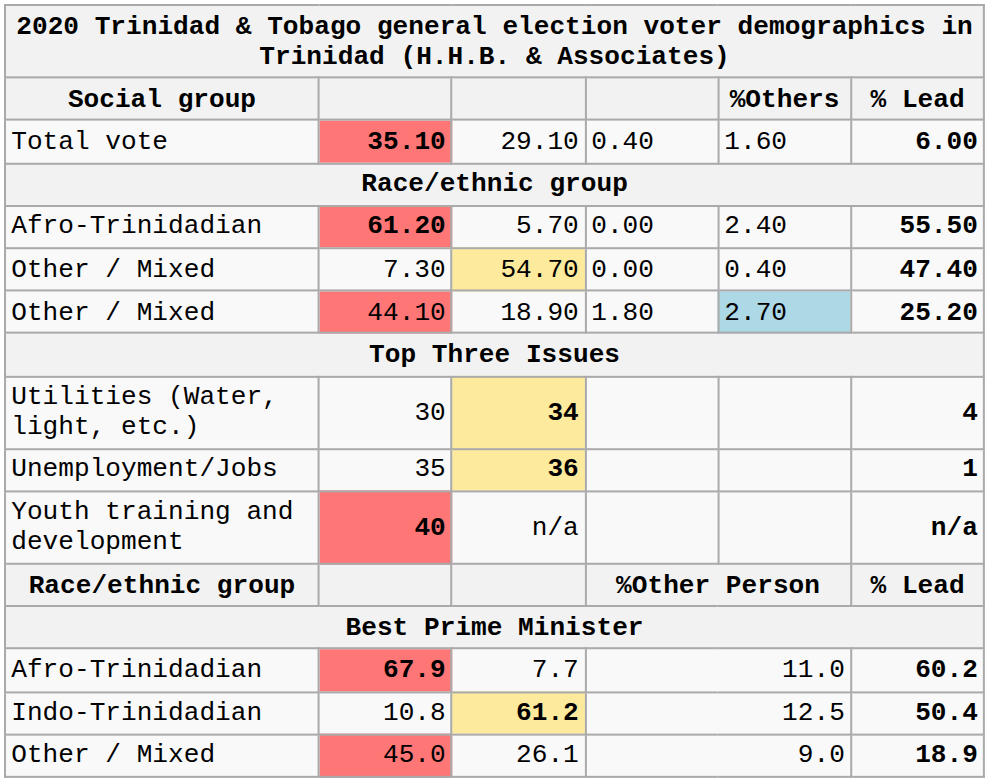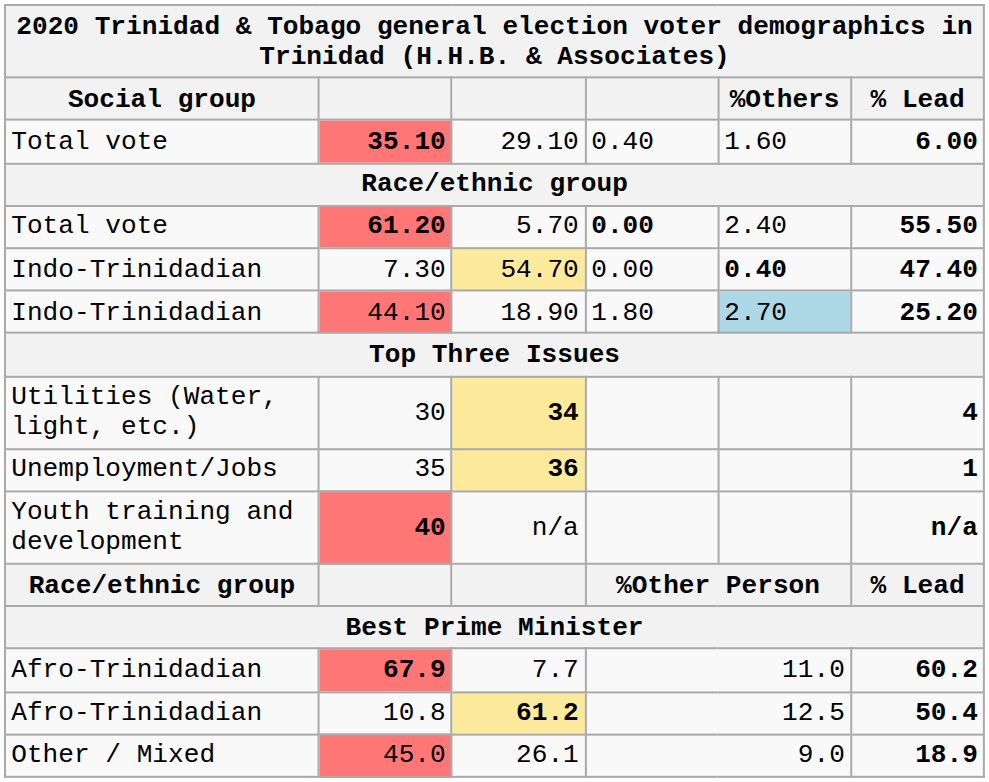 <table class=wikitable>
 <tr>
 <th colspan="6">2020 Trinidad & Tobago general election voter demographics in Trinidad (H.H.B. & Associates)</th>
 </tr>
 <tr>
 <th style="width:150px;">Social group</th>
 <th style="width:60px;" class="unsortable" style="background:"><a href='#'></a></th>
 <th style="width:60px;" class="unsortable" style="background:"><a href='#'></a></th>
 <th style="width:60px;" class="unsortable" style="background:"><a href='#'></a></th>
 <th style="width:60px;" class="unsortable">%Others</th>
 <th style="width:60px;" class="unsortable">% Lead</th>
 </tr>
 <tr>
 <td>Total vote</td>
 <td style="text-align:right; background:#FF7676;"><strong>35.10</strong></td>
 <td style="text-align:right;">29.10</td>
 <td>0.40</td>
 <td>1.60</td>
 <td style="text-align:right; background:"><strong>6.00</strong></td>
 </tr>
 <tr>
 <th colspan="6">Race/ethnic group</th>
 </tr>
 <tr>
-<td>Afro-Trinidadian</td>
+<td>Total vote</td>
 <td style="text-align:right; background:#FF7676;"><strong>61.20</strong></td>
 <td style="text-align:right;">5.70</td>
-<td>0.00</td>
+<td><strong>0.00</strong></td>
 <td>2.40</td>
 <td style="text-align:right; background:"><strong>55.50</strong></td>
 </tr>
 <tr>
-<td>Other / Mixed</td>
+<td>Indo-Trinidadian</td>
 <td style="text-align:right;">7.30</td>
 <td style="text-align:right; background:#FDEA9C;">54.70</td>
 <td>0.00</td>
-<td>0.40</td>
+<td><strong>0.40</strong></td>
 <td style="text-align:right; background:"><strong>47.40</strong></td>
 </tr>
 <tr>
-<td>Other / Mixed</td>
+<td>Indo-Trinidadian</td>
 <td style="text-align:right; background:#FF7676;">44.10</td>
 <td style="text-align:right;">18.90</td>
 <td>1.80</td>
 <td style="background: lightblue;">2.70</td>
 <td style="text-align:right; background:"><strong>25.20</strong></td>
 </tr>
 <tr>
 <th colspan="6">Top Three Issues</th>
 </tr>
 <tr>
 <td>Utilities (Water, light, etc.)</td>
 <td style="text-align:right;">30</td>
 <td style="text-align:right; background:#FDEA9C;"><strong>34</strong></td>
 <td></td>
 <td></td>
 <td style="text-align:right; background:"><strong>4</strong></td>
 </tr>
 <tr>
 <td>Unemployment/Jobs</td>
 <td style="text-align:right;">35</td>
 <td style="text-align:right; background:#FDEA9C;"><strong>36</strong></td>
 <td></td>
 <td></td>
 <td style="text-align:right; background:"><strong>1</strong></td>
 </tr>
 <tr>
 <td>Youth training and development</td>
 <td style="text-align:right; background:#FF7676;"><strong>40</strong></td>
 <td style="text-align:right;">n/a</td>
 <td></td>
 <td></td>
 <td style="text-align:right; background:"><strong>n/a</strong></td>
 </tr>
 <tr>
 <th>Race/ethnic group</th>
 <th style="width:60px;" class="unsortable" style="background:"><a href='#'></a></th>
 <th style="width:60px;" class="unsortable" style="background:"><a href='#'></a></th>
 <th colspan="2">%Other Person</th>
 <th>% Lead</th>
 </tr>
 <tr>
 <th colspan="6">Best Prime Minister</th>
 </tr>
 <tr>
 <td>Afro-Trinidadian</td>
 <td style="text-align:right; background:#FF7676;"><strong>67.9</strong></td>
 <td style="text-align:right;">7.7</td>
 <td colspan="2" style="text-align:right;">11.0</td>
 <td style="text-align:right; background:"><strong>60.2</strong></td>
 </tr>
 <tr>
-<td>Indo-Trinidadian</td>
+<td>Afro-Trinidadian</td>
 <td style="text-align:right;">10.8</td>
 <td style="text-align:right;background:#FDEA9C;"><strong>61.2</strong></td>
 <td colspan="2" style="text-align:right;">12.5</td>
 <td style="text-align:right; background:"><strong>50.4</strong></td>
 </tr>
 <tr>
 <td>Other / Mixed</td>
 <td style="text-align:right; background:#FF7676;">45.0</td>
 <td style="text-align:right;">26.1</td>
 <td colspan="2" style="text-align:right;">9.0</td>
 <td style="text-align:right; background:"><strong>18.9</strong></td>
 </tr>
 </table>
